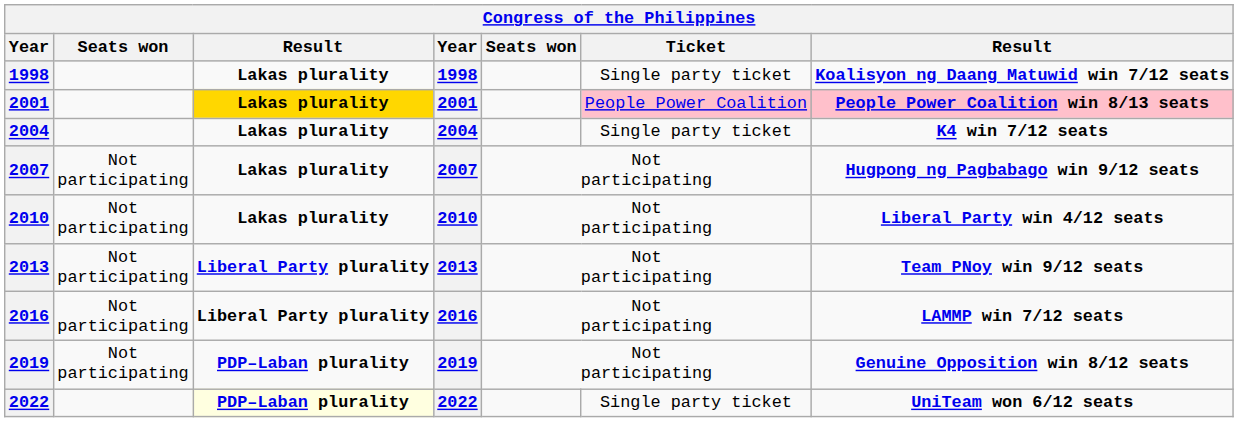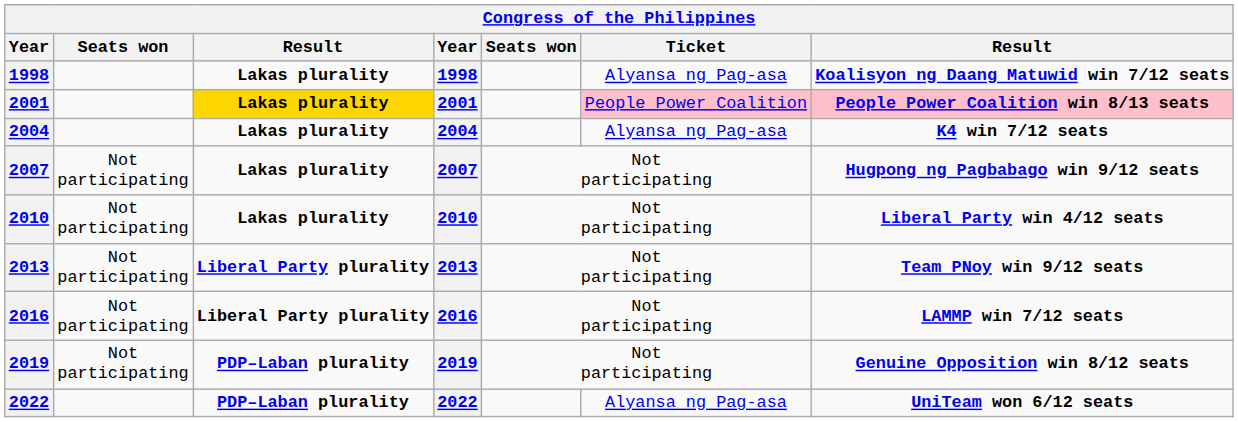 <table class="wikitable" style="text-align:center; font-size:90%">
 <tr>
 <th colspan=7><a href='#'>Congress of the Philippines</a></th>
 </tr>
 <tr>
 <th>Year</th>
 <th>Seats won</th>
 <th>Result</th>
 <th>Year</th>
 <th>Seats won</th>
 <th>Ticket</th>
 <th>Result</th>
 </tr>
 <tr>
 <th><a href='#'>1998</a></th>
 <td></td>
 <td><strong>Lakas plurality</strong></td>
 <th><a href='#'>1998</a></th>
 <td></td>
-<td>Single party ticket</td>
+<td><a href='#'>Alyansa ng Pag-asa</a></td>
 <td><strong><a href='#'>Koalisyon ng Daang Matuwid</a> win 7/12 seats</strong></td>
 </tr>
 <tr>
 <th><a href='#'>2001</a></th>
 <td></td>
 <td style="background: gold;"><strong>Lakas plurality</strong></td>
 <th><a href='#'>2001</a></th>
 <td></td>
 <td style="background:#FFC0CB;"><a href='#'>People Power Coalition</a></td>
 <td style="background:#FFC0CB;"><strong><a href='#'>People Power Coalition</a> win 8/13 seats</strong></td>
 </tr>
 <tr>
 <th><a href='#'>2004</a></th>
 <td></td>
 <td><strong>Lakas plurality</strong></td>
 <th><a href='#'>2004</a></th>
 <td></td>
-<td>Single party ticket</td>
+<td><a href='#'>Alyansa ng Pag-asa</a></td>
 <td><strong><a href='#'>K4</a> win 7/12 seats</strong></td>
 </tr>
 <tr>
 <th><a href='#'>2007</a></th>
 <td>Not<br>participating</td>
 <td><strong>Lakas plurality</strong></td>
 <th><a href='#'>2007</a></th>
 <td colspan=2>Not<br>participating</td>
 <td><strong><a href='#'>Hugpong ng Pagbabago</a> win 9/12 seats</strong></td>
 </tr>
 <tr>
 <th><a href='#'>2010</a></th>
 <td>Not<br>participating</td>
 <td><strong>Lakas plurality</strong></td>
 <th><a href='#'>2010</a></th>
 <td colspan=2>Not<br>participating</td>
 <td><strong><a href='#'>Liberal Party</a> win 4/12 seats</strong></td>
 </tr>
 <tr>
 <th><a href='#'>2013</a></th>
 <td>Not<br>participating</td>
 <td><strong><a href='#'>Liberal Party</a> plurality</strong></td>
 <th><a href='#'>2013</a></th>
 <td colspan=2>Not<br>participating</td>
 <td><strong><a href='#'>Team PNoy</a> win 9/12 seats</strong></td>
 </tr>
 <tr>
 <th><a href='#'>2016</a></th>
 <td>Not<br>participating</td>
 <td><strong>Liberal Party plurality</strong></td>
 <th><a href='#'>2016</a></th>
 <td colspan=2>Not<br>participating</td>
 <td><strong><a href='#'>LAMMP</a> win 7/12 seats</strong></td>
 </tr>
 <tr>
 <th><a href='#'>2019</a></th>
 <td>Not<br>participating</td>
 <td><strong><a href='#'>PDP–Laban</a> plurality</strong></td>
 <th><a href='#'>2019</a></th>
 <td colspan=2>Not<br>participating</td>
 <td><strong><a href='#'>Genuine Opposition</a> win 8/12 seats</strong></td>
 </tr>
 <tr>
 <th><a href='#'>2022</a></th>
 <td></td>
-<td style="background: lightyellow;"><strong><a href='#'>PDP–Laban</a> plurality</strong></td>
+<td><strong><a href='#'>PDP–Laban</a> plurality</strong></td>
 <th><a href='#'>2022</a></th>
 <td></td>
-<td>Single party ticket</td>
+<td><a href='#'>Alyansa ng Pag-asa</a></td>
 <td><strong><a href='#'>UniTeam</a> won 6/12 seats</strong></td>
 </tr>
 </table>
